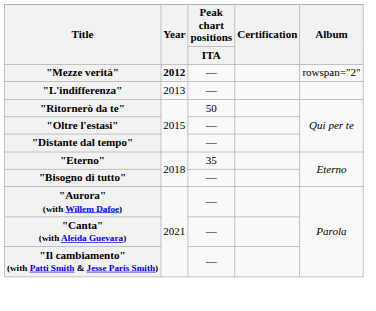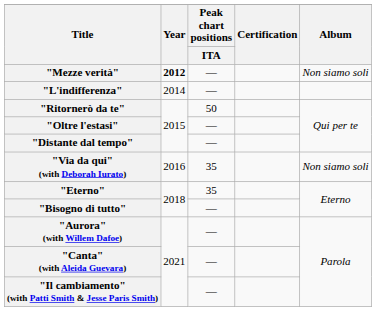 <table class="wikitable plainrowheaders" style="text-align:center">
 <tr>
 </tr>
 <tr>
 <th rowspan="2">Title</th>
 <th rowspan="2">Year</th>
 <th colspan="1">Peak<br>chart<br>positions</th>
 <th rowspan="2">Certification</th>
 <th rowspan="2">Album</th>
 </tr>
 <tr>
 <th>ITA<br></th>
 </tr>
 <tr>
 <th scope="row">"Mezze verità"</th>
 <td><strong>2012</strong></td>
 <td>—</td>
 <td></td>
-<td>rowspan="2" </td>
+<td><em>Non siamo soli</em></td>
 </tr>
 <tr>
 <th scope="row">"L'indifferenza"</th>
-<td>2013</td>
+<td>2014</td>
 <td>—</td>
 <td></td>
 </tr>
 <tr>
 <th scope="row">"Ritornerò da te"</th>
 <td rowspan="3">2015</td>
 <td>50</td>
 <td></td>
 <td rowspan="3"><em>Qui per te</em></td>
 </tr>
 <tr>
 <th scope="row">"Oltre l'estasi"</th>
 <td>—</td>
 <td></td>
 </tr>
 <tr>
 <th scope="row">"Distante dal tempo"</th>
 <td>—</td>
 <td></td>
+</tr>
+<tr>
+<th scope="row">"Via da qui"<br><small>(with <a href='#'>Deborah Iurato</a>)</small></th>
+<td>2016</td>
+<td>35</td>
+<td></td>
+<td><em>Non siamo soli</em></td>
 </tr>
 <tr>
 <th scope="row">"Eterno"</th>
 <td rowspan="2">2018</td>
 <td>35</td>
 <td></td>
 <td rowspan="2"><em>Eterno</em></td>
 </tr>
 <tr>
 <th scope="row">"Bisogno di tutto"</th>
 <td>—</td>
 <td></td>
 </tr>
 <tr>
 <th scope="row">"Aurora" <br><small>(with <a href='#'>Willem Dafoe</a>)</small></th>
 <td rowspan="3">2021</td>
 <td>—</td>
 <td></td>
 <td rowspan="3"><em>Parola</em></td>
 </tr>
 <tr>
 <th scope="row">"Canta" <br><small>(with <a href='#'>Aleida Guevara</a>)</small></th>
 <td>—</td>
 <td></td>
 </tr>
 <tr>
 <th scope="row">"Il cambiamento" <br><small>(with <a href='#'>Patti Smith</a> & <a href='#'>Jesse Paris Smith</a>)</small></th>
 <td>—</td>
 <td></td>
 </tr>
 </table>
